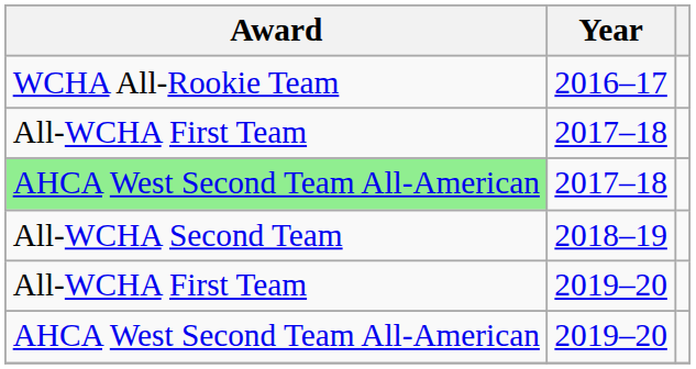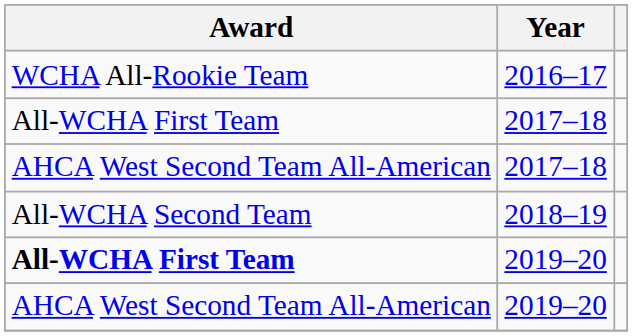 <table class="wikitable">
 <tr>
 <th>Award</th>
 <th>Year</th>
 <th></th>
 </tr>
 <tr>
 <td><a href='#'>WCHA</a> All-<a href='#'>Rookie Team</a></td>
 <td><a href='#'>2016–17</a></td>
 <td></td>
 </tr>
 <tr>
 <td>All-<a href='#'>WCHA</a> <a href='#'>First Team</a></td>
 <td><a href='#'>2017–18</a></td>
 <td></td>
 </tr>
 <tr>
-<td style="background: lightgreen;"><a href='#'>AHCA</a> <a href='#'>West Second Team All-American</a></td>
+<td><a href='#'>AHCA</a> <a href='#'>West Second Team All-American</a></td>
 <td><a href='#'>2017–18</a></td>
 <td></td>
 </tr>
 <tr>
 <td>All-<a href='#'>WCHA</a> <a href='#'>Second Team</a></td>
 <td><a href='#'>2018–19</a></td>
 <td></td>
 </tr>
 <tr>
-<td>All-<a href='#'>WCHA</a> <a href='#'>First Team</a></td>
+<td><strong>All-<a href='#'>WCHA</a> <a href='#'>First Team</a></strong></td>
 <td><a href='#'>2019–20</a></td>
 <td></td>
 </tr>
 <tr>
 <td><a href='#'>AHCA</a> <a href='#'>West Second Team All-American</a></td>
 <td><a href='#'>2019–20</a></td>
 <td></td>
 </tr>
 <tr>
 </tr>
 </table>
